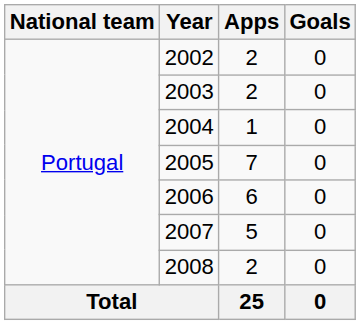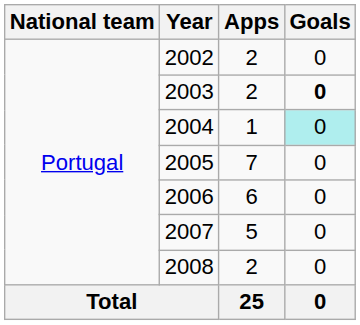 <table class="wikitable" style="text-align:center">
 <tr>
 <th>National team</th>
 <th>Year</th>
 <th>Apps</th>
 <th>Goals</th>
 </tr>
 <tr>
 <td rowspan="7"><a href='#'>Portugal</a></td>
 <td>2002</td>
 <td>2</td>
 <td>0</td>
 </tr>
 <tr>
 <td>2003</td>
 <td>2</td>
-<td>0</td>
+<td><strong>0</strong></td>
 </tr>
 <tr>
 <td>2004</td>
 <td>1</td>
-<td>0</td>
+<td style="background: paleturquoise;">0</td>
 </tr>
 <tr>
 <td>2005</td>
 <td>7</td>
 <td>0</td>
 </tr>
 <tr>
 <td>2006</td>
 <td>6</td>
 <td>0</td>
 </tr>
 <tr>
 <td>2007</td>
 <td>5</td>
 <td>0</td>
 </tr>
 <tr>
 <td>2008</td>
 <td>2</td>
 <td>0</td>
 </tr>
 <tr>
 <th colspan="2">Total</th>
 <th>25</th>
 <th>0</th>
 </tr>
 </table>
